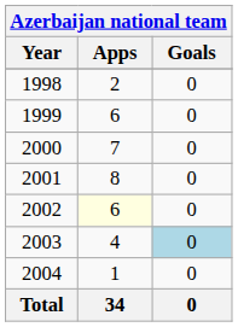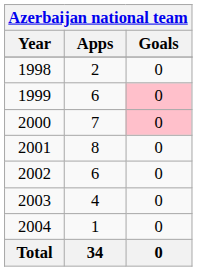 <table class="wikitable" style="text-align:center">
 <tr>
 <th colspan=3><a href='#'>Azerbaijan national team</a></th>
 </tr>
 <tr>
 <th>Year</th>
 <th>Apps</th>
 <th>Goals</th>
 </tr>
 <tr>
 </tr>
 <tr>
 <td>1998</td>
 <td>2</td>
 <td>0</td>
 </tr>
 <tr>
 <td>1999</td>
 <td>6</td>
-<td>0</td>
+<td style="background: pink;">0</td>
 </tr>
 <tr>
 <td>2000</td>
 <td>7</td>
-<td>0</td>
+<td style="background: pink;">0</td>
 </tr>
 <tr>
 <td>2001</td>
 <td>8</td>
 <td>0</td>
 </tr>
 <tr>
 <td>2002</td>
-<td style="background: lightyellow;">6</td>
+<td>6</td>
 <td>0</td>
 </tr>
 <tr>
 <td>2003</td>
 <td>4</td>
-<td style="background: lightblue;">0</td>
+<td>0</td>
 </tr>
 <tr>
 <td>2004</td>
 <td>1</td>
 <td>0</td>
 </tr>
 <tr>
 <th>Total</th>
 <th>34</th>
 <th>0</th>
 </tr>
 </table>
